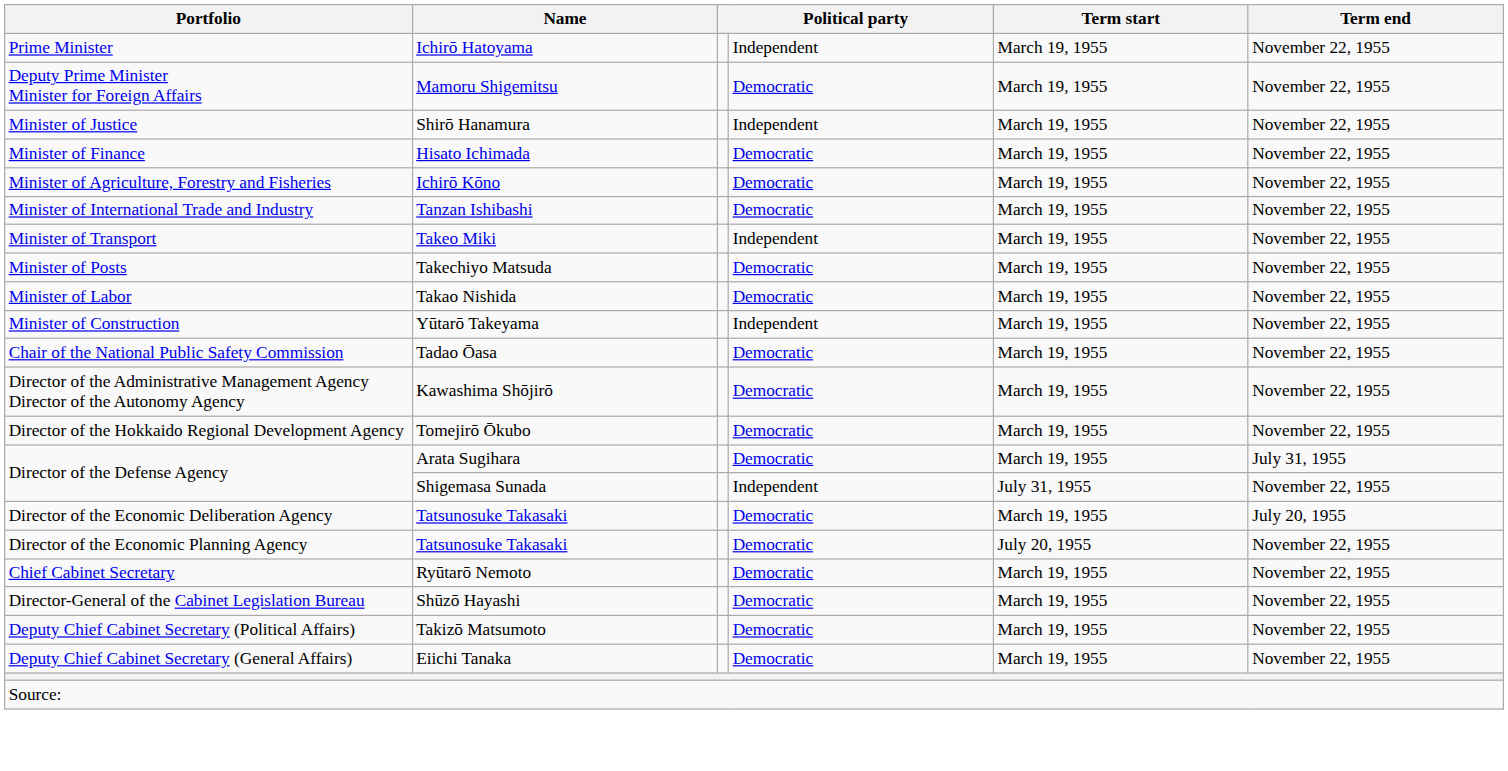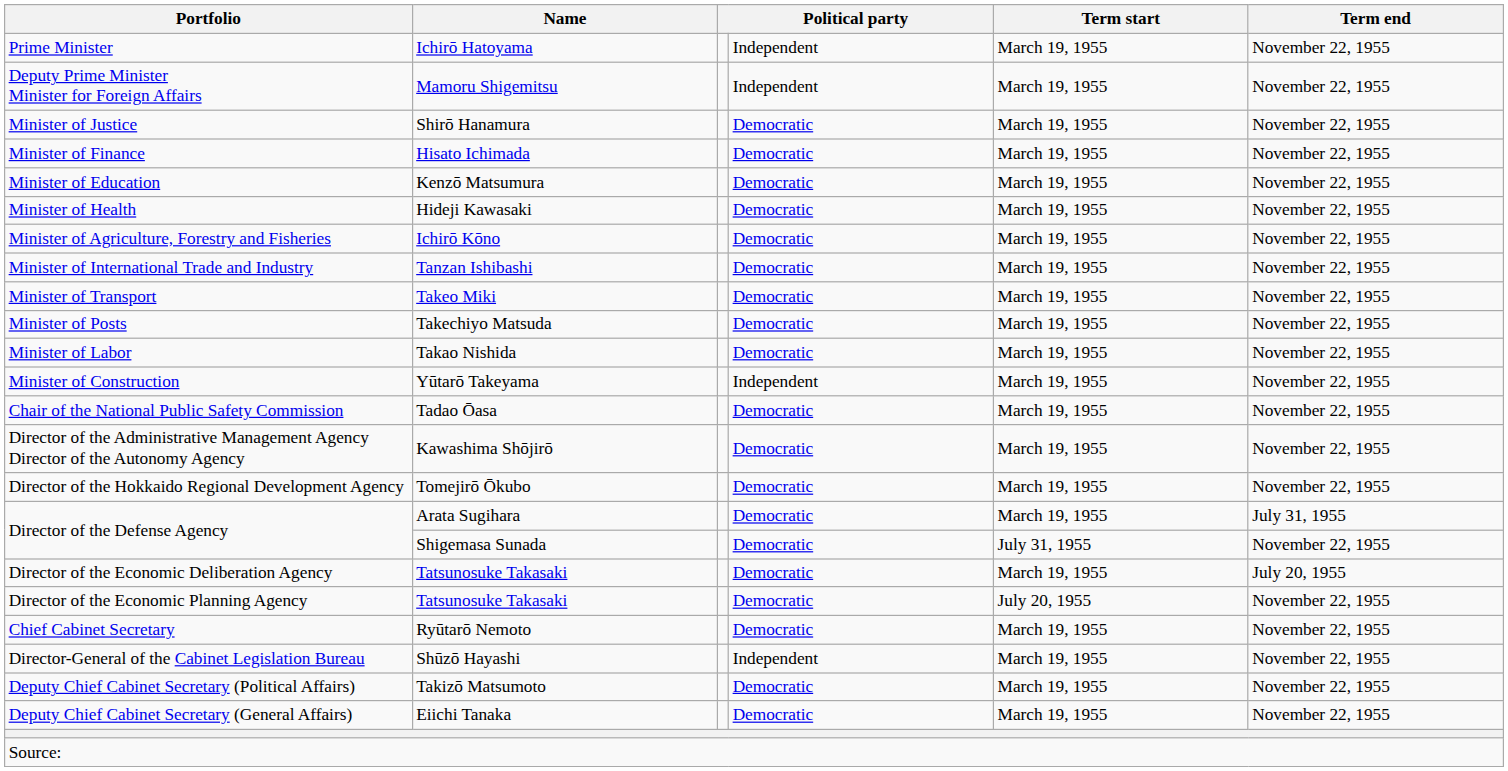 <table class="wikitable unsortable" style="font-size: 90%;">
 <tr>
 <th scope="col" width="20%">Portfolio</th>
 <th scope="col" width="15%">Name</th>
 <th colspan="2" scope="col" width="13.5%">Political party</th>
 <th scope="col" width="12.5%">Term start</th>
 <th scope="col" width="12.5%">Term end</th>
 </tr>
 <tr>
 <td style="text-align: left;"><a href='#'>Prime Minister</a></td>
 <td><a href='#'>Ichirō Hatoyama</a></td>
 <td width="0.5%" style="background:"></td>
 <td>Independent</td>
 <td>March 19, 1955</td>
 <td>November 22, 1955</td>
 </tr>
 <tr>
 <td><a href='#'>Deputy Prime Minister</a><br><a href='#'>Minister for Foreign Affairs</a></td>
 <td><a href='#'>Mamoru Shigemitsu</a></td>
 <td style="color:inherit;background:"></td>
-<td><a href='#'>Democratic</a></td>
+<td>Independent</td>
 <td>March 19, 1955</td>
 <td>November 22, 1955</td>
 </tr>
 <tr>
 <td><a href='#'>Minister of Justice</a></td>
 <td>Shirō Hanamura</td>
 <td style="color:inherit;background:"></td>
-<td>Independent</td>
+<td><a href='#'>Democratic</a></td>
 <td>March 19, 1955</td>
 <td>November 22, 1955</td>
 </tr>
 <tr>
 <td><a href='#'>Minister of Finance</a></td>
 <td><a href='#'>Hisato Ichimada</a></td>
+<td style="color:inherit;background:"></td>
+<td><a href='#'>Democratic</a></td>
+<td>March 19, 1955</td>
+<td>November 22, 1955</td>
+</tr>
+<tr>
+<td><a href='#'>Minister of Education</a></td>
+<td>Kenzō Matsumura</td>
+<td style="color:inherit;background:"></td>
+<td><a href='#'>Democratic</a></td>
+<td>March 19, 1955</td>
+<td>November 22, 1955</td>
+</tr>
+<tr>
+<td><a href='#'>Minister of Health</a></td>
+<td>Hideji Kawasaki</td>
 <td style="color:inherit;background:"></td>
 <td><a href='#'>Democratic</a></td>
 <td>March 19, 1955</td>
 <td>November 22, 1955</td>
 </tr>
 <tr>
 <td><a href='#'>Minister of Agriculture, Forestry and Fisheries</a></td>
 <td><a href='#'>Ichirō Kōno</a></td>
 <td style="color:inherit;background:"></td>
 <td><a href='#'>Democratic</a></td>
 <td>March 19, 1955</td>
 <td>November 22, 1955</td>
 </tr>
 <tr>
 <td><a href='#'>Minister of International Trade and Industry</a></td>
 <td><a href='#'>Tanzan Ishibashi</a></td>
 <td style="color:inherit;background:"></td>
 <td><a href='#'>Democratic</a></td>
 <td>March 19, 1955</td>
 <td>November 22, 1955</td>
 </tr>
 <tr>
 <td><a href='#'>Minister of Transport</a></td>
 <td><a href='#'>Takeo Miki</a></td>
 <td style="color:inherit;background:"></td>
-<td>Independent</td>
+<td><a href='#'>Democratic</a></td>
 <td>March 19, 1955</td>
 <td>November 22, 1955</td>
 </tr>
 <tr>
 <td><a href='#'>Minister of Posts</a></td>
 <td>Takechiyo Matsuda</td>
 <td style="color:inherit;background:"></td>
 <td><a href='#'>Democratic</a></td>
 <td>March 19, 1955</td>
 <td>November 22, 1955</td>
 </tr>
 <tr>
 <td><a href='#'>Minister of Labor</a></td>
 <td>Takao Nishida</td>
 <td style="color:inherit;background:"></td>
 <td><a href='#'>Democratic</a></td>
 <td>March 19, 1955</td>
 <td>November 22, 1955</td>
 </tr>
 <tr>
 <td><a href='#'>Minister of Construction</a></td>
 <td>Yūtarō Takeyama</td>
 <td style="color:inherit;background:"></td>
 <td>Independent</td>
 <td>March 19, 1955</td>
 <td>November 22, 1955</td>
 </tr>
 <tr>
 <td><a href='#'>Chair of the National Public Safety Commission</a></td>
 <td>Tadao Ōasa</td>
 <td style="color:inherit;background:"></td>
 <td><a href='#'>Democratic</a></td>
 <td>March 19, 1955</td>
 <td>November 22, 1955</td>
 </tr>
 <tr>
 <td>Director of the Administrative Management Agency<br>Director of the Autonomy Agency</td>
 <td>Kawashima Shōjirō</td>
 <td style="color:inherit;background:"></td>
 <td><a href='#'>Democratic</a></td>
 <td>March 19, 1955</td>
 <td>November 22, 1955</td>
 </tr>
 <tr>
 <td>Director of the Hokkaido Regional Development Agency</td>
 <td>Tomejirō Ōkubo</td>
 <td style="color:inherit;background:"></td>
 <td><a href='#'>Democratic</a></td>
 <td>March 19, 1955</td>
 <td>November 22, 1955</td>
 </tr>
 <tr>
 <td rowspan="2">Director of the Defense Agency</td>
 <td>Arata Sugihara</td>
 <td style="color:inherit;background:"></td>
 <td><a href='#'>Democratic</a></td>
 <td>March 19, 1955</td>
 <td>July 31, 1955</td>
 </tr>
 <tr>
 <td>Shigemasa Sunada</td>
 <td style="color:inherit;background:"></td>
-<td>Independent</td>
+<td><a href='#'>Democratic</a></td>
 <td>July 31, 1955</td>
 <td>November 22, 1955</td>
 </tr>
 <tr>
 <td>Director of the Economic Deliberation Agency</td>
 <td><a href='#'>Tatsunosuke Takasaki</a></td>
 <td style="color:inherit;background:"></td>
 <td><a href='#'>Democratic</a></td>
 <td>March 19, 1955</td>
 <td>July 20, 1955</td>
 </tr>
 <tr>
 <td>Director of the Economic Planning Agency</td>
 <td><a href='#'>Tatsunosuke Takasaki</a></td>
 <td style="color:inherit;background:"></td>
 <td><a href='#'>Democratic</a></td>
 <td>July 20, 1955</td>
 <td>November 22, 1955</td>
 </tr>
 <tr>
 <td><a href='#'>Chief Cabinet Secretary</a></td>
 <td>Ryūtarō Nemoto</td>
 <td style="color:inherit;background:"></td>
 <td><a href='#'>Democratic</a></td>
 <td>March 19, 1955</td>
 <td>November 22, 1955</td>
 </tr>
 <tr>
 <td>Director-General of the <a href='#'>Cabinet Legislation Bureau</a></td>
 <td>Shūzō Hayashi</td>
 <td style="color:inherit;background:"></td>
-<td><a href='#'>Democratic</a></td>
+<td>Independent</td>
 <td>March 19, 1955</td>
 <td>November 22, 1955</td>
 </tr>
 <tr>
 <td><a href='#'>Deputy Chief Cabinet Secretary</a> (Political Affairs)</td>
 <td>Takizō Matsumoto</td>
 <td style="color:inherit;background:"></td>
 <td><a href='#'>Democratic</a></td>
 <td>March 19, 1955</td>
 <td>November 22, 1955</td>
 </tr>
 <tr>
 <td><a href='#'>Deputy Chief Cabinet Secretary</a> (General Affairs)</td>
 <td>Eiichi Tanaka</td>
 <td style="color:inherit;background:"></td>
 <td><a href='#'>Democratic</a></td>
 <td>March 19, 1955</td>
 <td>November 22, 1955</td>
 </tr>
 <tr>
 <th colspan="6"></th>
 </tr>
 <tr>
 <td colspan="6">Source:</td>
 </tr>
 </table>
